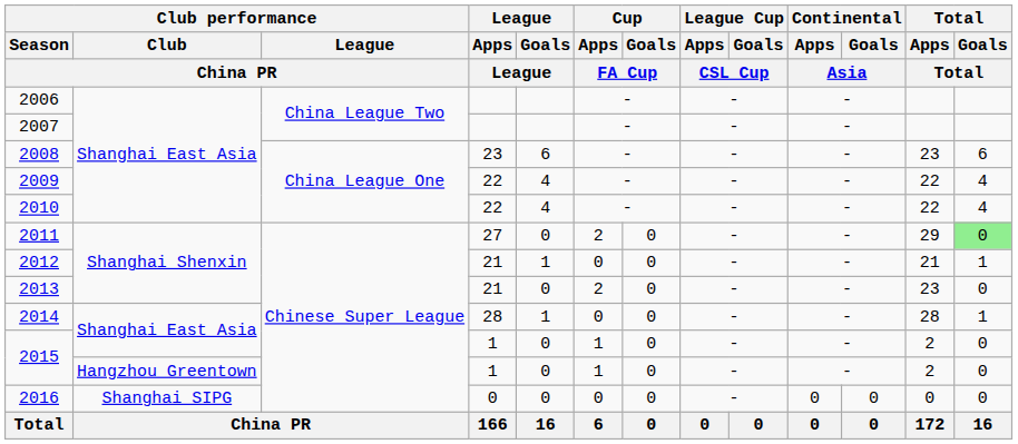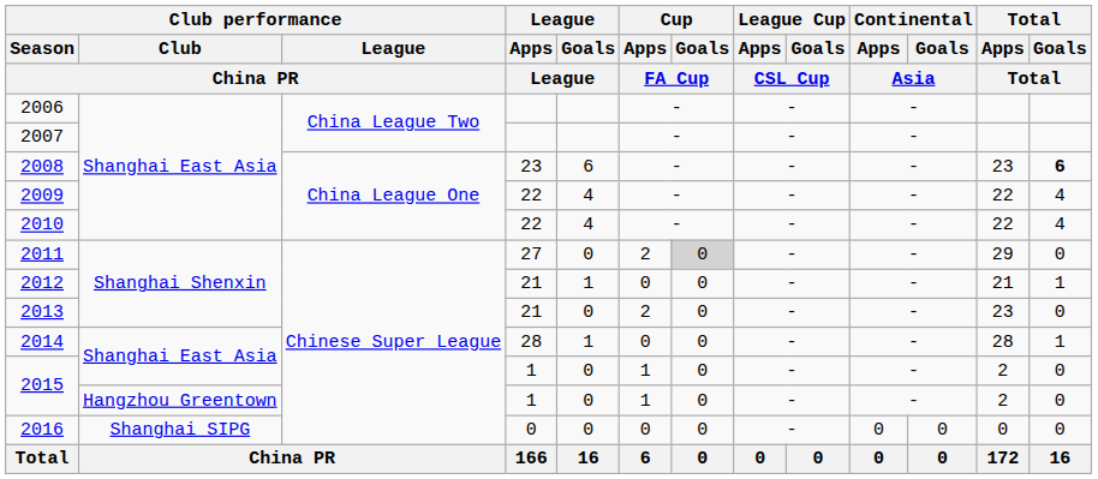 <table class="wikitable" style="text-align:center">
 <tr>
 <th colspan=3>Club performance</th>
 <th colspan=2>League</th>
 <th colspan=2>Cup</th>
 <th colspan=2>League Cup</th>
 <th colspan=2>Continental</th>
 <th colspan=2>Total</th>
 </tr>
 <tr>
 <th>Season</th>
 <th>Club</th>
 <th>League</th>
 <th>Apps</th>
 <th>Goals</th>
 <th>Apps</th>
 <th>Goals</th>
 <th>Apps</th>
 <th>Goals</th>
 <th>Apps</th>
 <th>Goals</th>
 <th>Apps</th>
 <th>Goals</th>
 </tr>
 <tr>
 <th colspan=3>China PR</th>
 <th colspan=2>League</th>
 <th colspan=2><a href='#'>FA Cup</a></th>
 <th colspan=2><a href='#'>CSL Cup</a></th>
 <th colspan=2><a href='#'>Asia</a></th>
 <th colspan=2>Total</th>
 </tr>
 <tr>
 <td>2006</td>
 <td rowspan="5"><a href='#'>Shanghai East Asia</a></td>
 <td rowspan="2"><a href='#'>China League Two</a></td>
 <td></td>
 <td></td>
 <td colspan="2">-</td>
 <td colspan="2">-</td>
 <td colspan="2">-</td>
 <td></td>
 <td></td>
 </tr>
 <tr>
 <td>2007</td>
 <td></td>
 <td></td>
 <td colspan="2">-</td>
 <td colspan="2">-</td>
 <td colspan="2">-</td>
 <td></td>
 <td></td>
 </tr>
 <tr>
 <td><a href='#'>2008</a></td>
 <td rowspan="3"><a href='#'>China League One</a></td>
 <td>23</td>
 <td>6</td>
 <td colspan="2">-</td>
 <td colspan="2">-</td>
 <td colspan="2">-</td>
 <td>23</td>
-<td>6</td>
+<td><strong>6</strong></td>
 </tr>
 <tr>
 <td><a href='#'>2009</a></td>
 <td>22</td>
 <td>4</td>
 <td colspan="2">-</td>
 <td colspan="2">-</td>
 <td colspan="2">-</td>
 <td>22</td>
 <td>4</td>
 </tr>
 <tr>
 <td><a href='#'>2010</a></td>
 <td>22</td>
 <td>4</td>
 <td colspan="2">-</td>
 <td colspan="2">-</td>
 <td colspan="2">-</td>
 <td>22</td>
 <td>4</td>
 </tr>
 <tr>
 <td><a href='#'>2011</a></td>
 <td rowspan="3"><a href='#'>Shanghai Shenxin</a></td>
 <td rowspan="7"><a href='#'>Chinese Super League</a></td>
 <td>27</td>
 <td>0</td>
 <td>2</td>
-<td>0</td>
+<td style="background: lightgrey;">0</td>
 <td colspan="2">-</td>
 <td colspan="2">-</td>
 <td>29</td>
-<td style="background: lightgreen;">0</td>
+<td>0</td>
 </tr>
 <tr>
 <td><a href='#'>2012</a></td>
 <td>21</td>
 <td>1</td>
 <td>0</td>
 <td>0</td>
 <td colspan="2">-</td>
 <td colspan="2">-</td>
 <td>21</td>
 <td>1</td>
 </tr>
 <tr>
 <td><a href='#'>2013</a></td>
 <td>21</td>
 <td>0</td>
 <td>2</td>
 <td>0</td>
 <td colspan="2">-</td>
 <td colspan="2">-</td>
 <td>23</td>
 <td>0</td>
 </tr>
 <tr>
 <td><a href='#'>2014</a></td>
 <td rowspan="2"><a href='#'>Shanghai East Asia</a></td>
 <td>28</td>
 <td>1</td>
 <td>0</td>
 <td>0</td>
 <td colspan="2">-</td>
 <td colspan="2">-</td>
 <td>28</td>
 <td>1</td>
 </tr>
 <tr>
 <td rowspan="2"><a href='#'>2015</a></td>
 <td>1</td>
 <td>0</td>
 <td>1</td>
 <td>0</td>
 <td colspan="2">-</td>
 <td colspan="2">-</td>
 <td>2</td>
 <td>0</td>
 </tr>
 <tr>
 <td><a href='#'>Hangzhou Greentown</a></td>
 <td>1</td>
 <td>0</td>
 <td>1</td>
 <td>0</td>
 <td colspan="2">-</td>
 <td colspan="2">-</td>
 <td>2</td>
 <td>0</td>
 </tr>
 <tr>
 <td><a href='#'>2016</a></td>
 <td><a href='#'>Shanghai SIPG</a></td>
 <td>0</td>
 <td>0</td>
 <td>0</td>
 <td>0</td>
 <td colspan="2">-</td>
 <td>0</td>
 <td>0</td>
 <td>0</td>
 <td>0</td>
 </tr>
 <tr>
 <th rowspan=3>Total</th>
 <th colspan=2>China PR</th>
 <th>166</th>
 <th>16</th>
 <th>6</th>
 <th>0</th>
 <th>0</th>
 <th>0</th>
 <th>0</th>
 <th>0</th>
 <th>172</th>
 <th>16</th>
 </tr>
 </table>
